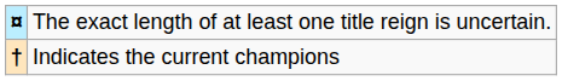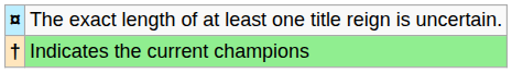 <table class="wikitable">
 <tr>
 <th style="background-color:#bbeeff">¤</th>
 <td>The exact length of at least one title reign is uncertain.</td>
 </tr>
 <tr>
 <th style="background-color:#FFE6BD">†</th>
-<td>Indicates the current champions</td>
+<td style="background: lightgreen;">Indicates the current champions</td>
 </tr>
 </table>
